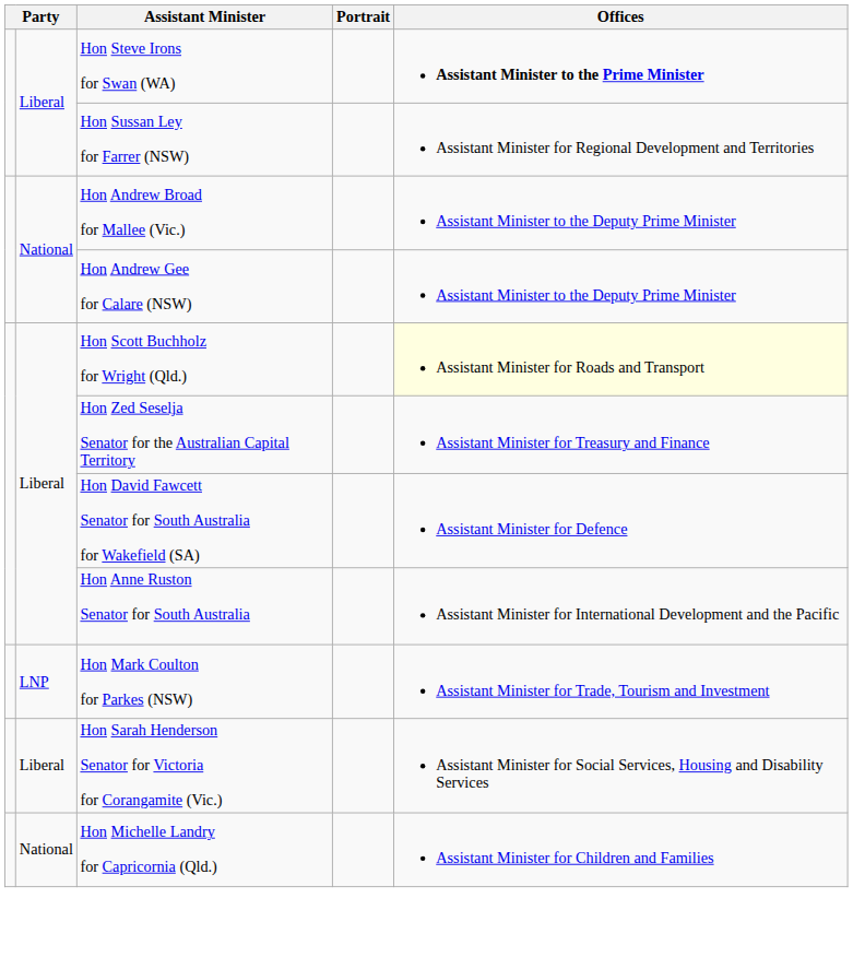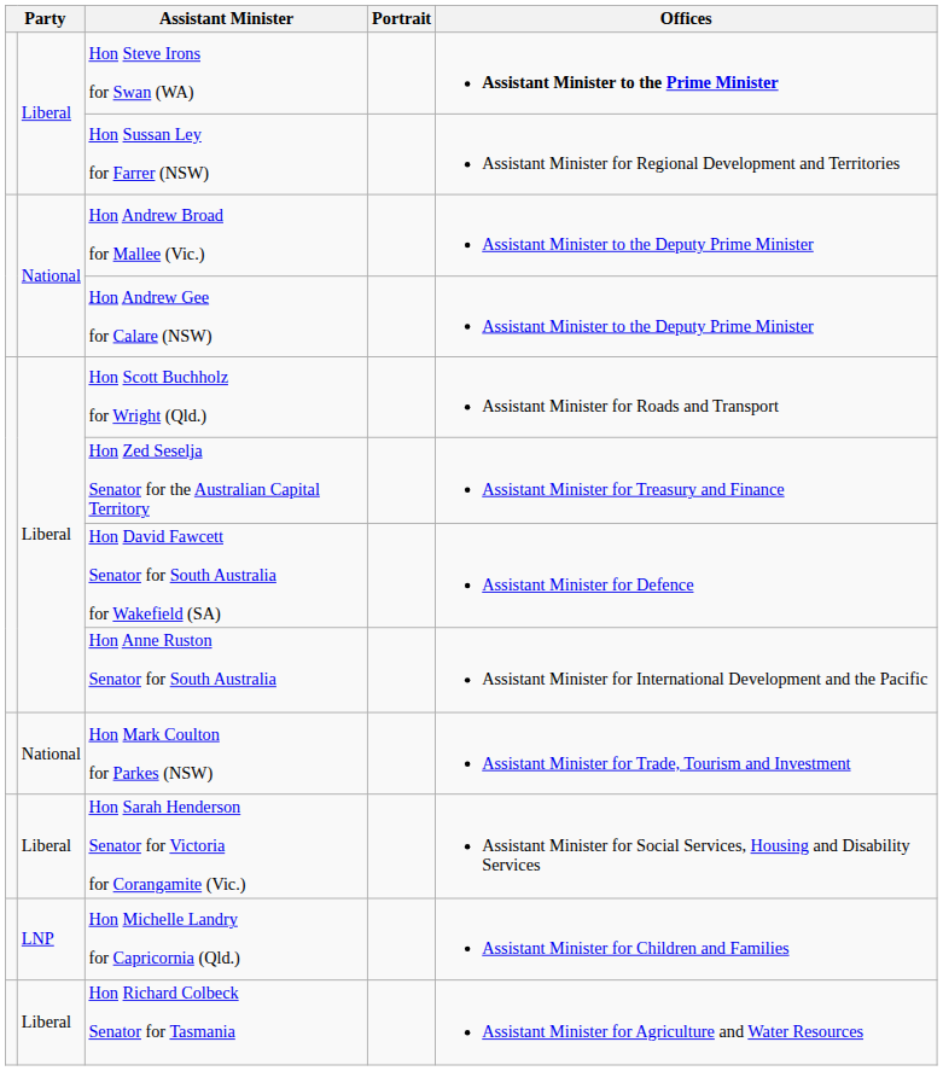 <table class="wikitable sortable">
 <tr>
 <th colspan=2>Party</th>
 <th>Assistant Minister</th>
 <th>Portrait</th>
 <th>Offices</th>
 </tr>
 <tr>
 <td rowspan=2 > </td>
 <td rowspan=2><a href='#'>Liberal</a></td>
 <td><a href='#'>Hon</a> <a href='#'>Steve Irons</a><br><br> for <a href='#'>Swan</a> (WA)<br></td>
 <td></td>
 <td><strong><br><ul><li>Assistant Minister to the <a href='#'>Prime Minister</a></li></ul></strong></td>
 </tr>
 <tr>
 <td><a href='#'>Hon</a> <a href='#'>Sussan Ley</a><br><br> for <a href='#'>Farrer</a> (NSW)<br></td>
 <td></td>
 <td><br><ul><li>Assistant Minister for Regional Development and Territories</li></ul></td>
 </tr>
 <tr>
 <td rowspan=2 > </td>
 <td rowspan=2><a href='#'>National</a></td>
 <td><a href='#'>Hon</a> <a href='#'>Andrew Broad</a><br><br> for <a href='#'>Mallee</a> (Vic.)<br></td>
 <td></td>
 <td><br><ul><li><a href='#'>Assistant Minister to the Deputy Prime Minister</a> </li></ul></td>
 </tr>
 <tr>
 <td><a href='#'>Hon</a> <a href='#'>Andrew Gee</a><br><br> for <a href='#'>Calare</a> (NSW)<br></td>
 <td></td>
 <td><br><ul><li><a href='#'>Assistant Minister to the Deputy Prime Minister</a> </li></ul></td>
 </tr>
 <tr>
 <td rowspan=4 > </td>
 <td rowspan=4>Liberal</td>
 <td><a href='#'>Hon</a> <a href='#'>Scott Buchholz</a><br><br> for <a href='#'>Wright</a> (Qld.)<br></td>
 <td></td>
-<td style="background: lightyellow;"><br><ul><li>Assistant Minister for Roads and Transport</li></ul></td>
+<td><br><ul><li>Assistant Minister for Roads and Transport</li></ul></td>
 </tr>
 <tr>
 <td><a href='#'>Hon</a> <a href='#'>Zed Seselja</a><br><br><a href='#'>Senator</a> for the <a href='#'>Australian Capital Territory</a><br></td>
 <td></td>
 <td><br><ul><li><a href='#'>Assistant Minister for Treasury and Finance</a></li></ul></td>
 </tr>
 <tr>
 <td><a href='#'>Hon</a> <a href='#'>David Fawcett</a><br><br><a href='#'>Senator</a> for <a href='#'>South Australia</a><br><br>  for <a href='#'>Wakefield</a> (SA)<br></td>
 <td></td>
 <td><br><ul><li><a href='#'>Assistant Minister for Defence</a></li></ul></td>
 </tr>
 <tr>
 <td><a href='#'>Hon</a> <a href='#'>Anne Ruston</a><br><br><a href='#'>Senator</a> for <a href='#'>South Australia</a><br><br></td>
 <td></td>
 <td><br><ul><li>Assistant Minister for International Development and the Pacific</li></ul></td>
 </tr>
 <tr>
 <td> </td>
-<td><a href='#'>LNP</a></td>
+<td>National</td>
 <td><a href='#'>Hon</a> <a href='#'>Mark Coulton</a><br><br> for <a href='#'>Parkes</a> (NSW)<br></td>
 <td></td>
 <td><br><ul><li><a href='#'>Assistant Minister for Trade, Tourism and Investment</a></li></ul></td>
 </tr>
 <tr>
 <td> </td>
 <td>Liberal</td>
 <td><a href='#'>Hon</a> <a href='#'>Sarah Henderson</a><br><br><a href='#'>Senator</a> for <a href='#'>Victoria</a><br><br>  for <a href='#'>Corangamite</a> (Vic.)<br></td>
 <td></td>
 <td><br><ul><li>Assistant Minister for Social Services, <a href='#'>Housing</a> and Disability Services</li></ul></td>
 </tr>
 <tr>
 <td> </td>
-<td>National</td>
+<td><a href='#'>LNP</a></td>
 <td><a href='#'>Hon</a> <a href='#'>Michelle Landry</a><br><br> for <a href='#'>Capricornia</a> (Qld.)<br></td>
 <td></td>
 <td><br><ul><li><a href='#'>Assistant Minister for Children and Families</a></li></ul></td>
 </tr>
+<tr>
+<td> </td>
+<td>Liberal</td>
+<td><a href='#'>Hon</a> <a href='#'>Richard Colbeck</a><br><br><a href='#'>Senator</a> for <a href='#'>Tasmania</a><br><br></td>
+<td></td>
+<td><br><ul><li><a href='#'>Assistant Minister for Agriculture</a> and <a href='#'>Water Resources</a></li></ul></td>
+</tr>
 </table>
